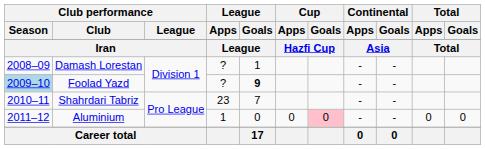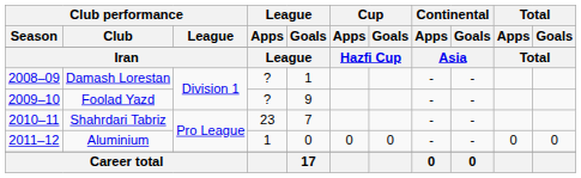 <table class="wikitable" style="text-align:center">
 <tr>
 <th colspan=3>Club performance</th>
 <th colspan=2>League</th>
 <th colspan=2>Cup</th>
 <th colspan=2>Continental</th>
 <th colspan=2>Total</th>
 </tr>
 <tr>
 <th>Season</th>
 <th>Club</th>
 <th>League</th>
 <th>Apps</th>
 <th>Goals</th>
 <th>Apps</th>
 <th>Goals</th>
 <th>Apps</th>
 <th>Goals</th>
 <th>Apps</th>
 <th>Goals</th>
 </tr>
 <tr>
 </tr>
 <tr>
 <th colspan=3>Iran</th>
 <th colspan=2>League</th>
 <th colspan=2><a href='#'>Hazfi Cup</a></th>
 <th colspan=2><a href='#'>Asia</a></th>
 <th colspan=2>Total</th>
 </tr>
 <tr>
 <td><a href='#'>2008–09</a></td>
 <td rowspan="1"><a href='#'>Damash Lorestan</a></td>
 <td rowspan="2"><a href='#'>Division 1</a></td>
 <td>?</td>
 <td>1</td>
 <td></td>
 <td></td>
 <td>-</td>
 <td>-</td>
 <td></td>
 <td></td>
 </tr>
 <tr>
-<td style="background: lightblue;"><a href='#'>2009–10</a></td>
+<td><a href='#'>2009–10</a></td>
 <td rowspan="1"><a href='#'>Foolad Yazd</a></td>
 <td>?</td>
-<td><strong>9</strong></td>
+<td>9</td>
 <td></td>
 <td></td>
 <td>-</td>
 <td>-</td>
 <td></td>
 <td></td>
 </tr>
 <tr>
 <td><a href='#'>2010–11</a></td>
 <td rowspan="1"><a href='#'>Shahrdari Tabriz</a></td>
 <td rowspan="2"><a href='#'>Pro League</a></td>
 <td>23</td>
 <td>7</td>
 <td></td>
 <td></td>
 <td>-</td>
 <td>-</td>
 <td></td>
 <td></td>
 </tr>
 <tr>
 <td><a href='#'>2011–12</a></td>
 <td rowspan="1"><a href='#'>Aluminium</a></td>
 <td>1</td>
 <td>0</td>
 <td>0</td>
-<td style="background: pink;">0</td>
+<td>0</td>
 <td>-</td>
 <td>-</td>
 <td>0</td>
 <td>0</td>
 </tr>
 <tr>
 </tr>
 <tr>
 <th colspan=3>Career total</th>
 <th></th>
 <th>17</th>
 <th></th>
 <th></th>
 <th>0</th>
 <th>0</th>
 <th></th>
 <th></th>
 </tr>
 </table>
